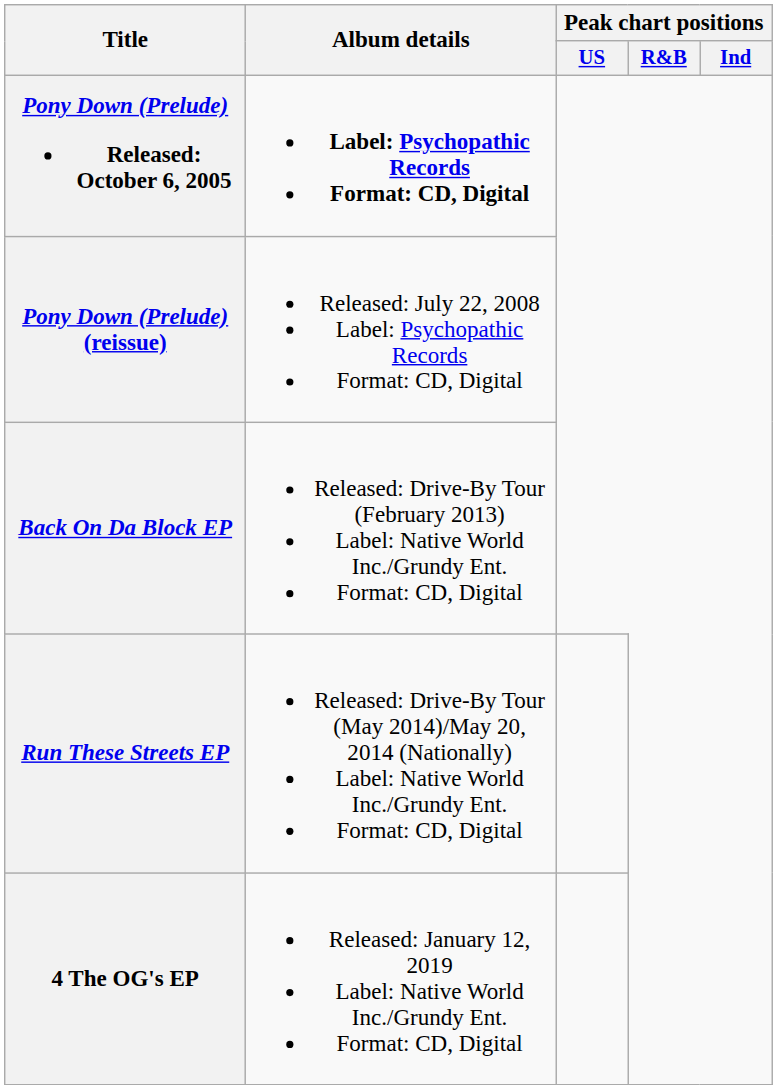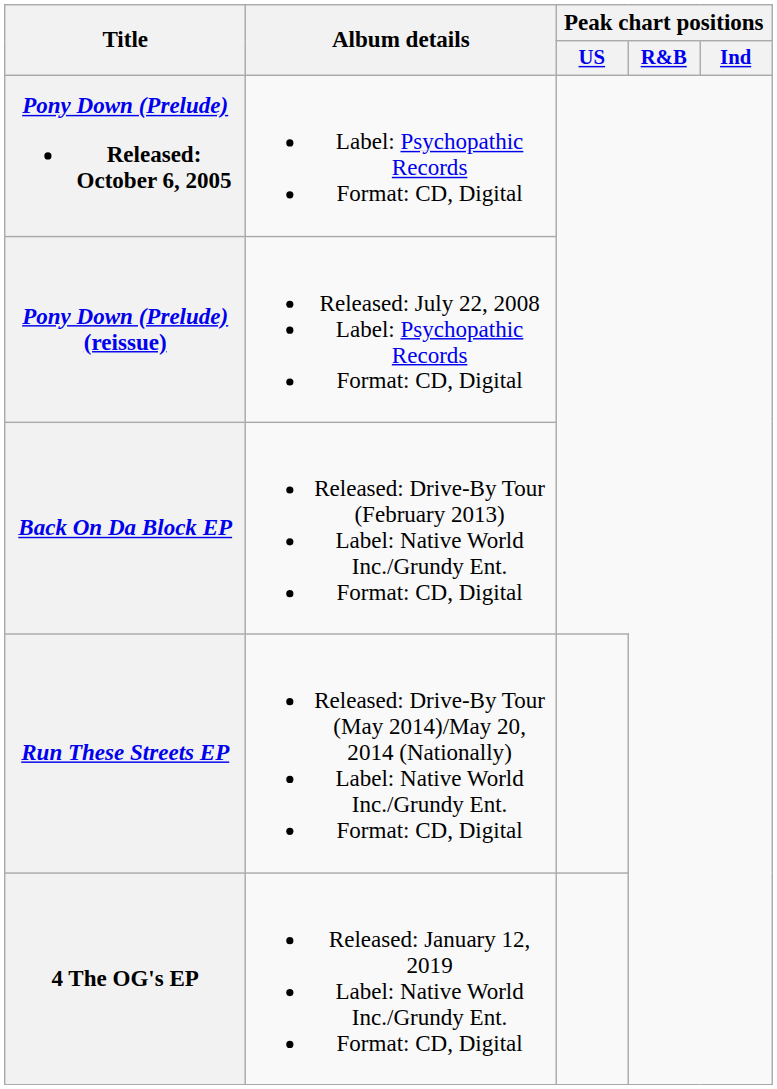 <table class="wikitable plainrowheaders" style="text-align:center;">
 <tr>
 <th scope="col" rowspan="2" style="width:10em;">Title</th>
 <th scope="col" rowspan="2" style="width:13em;">Album details</th>
 <th scope="col" colspan="3">Peak chart positions</th>
 </tr>
 <tr>
 <th style="width:3em;font-size:90%;"><a href='#'>US</a></th>
 <th style="width:3em;font-size:90%;"><a href='#'>R&B</a></th>
 <th style="width:3em;font-size:90%;"><a href='#'>Ind</a></th>
 </tr>
 <tr>
 <th scope="row"><em><a href='#'>Pony Down (Prelude)</a></em><br><ul><li>Released: October 6, 2005</li></ul></th>
-<td><strong><br><ul><li>Label: <a href='#'>Psychopathic Records</a></li><li>Format: CD, Digital</li></ul></strong></td>
+<td><br><ul><li>Label: <a href='#'>Psychopathic Records</a></li><li>Format: CD, Digital</li></ul></td>
 </tr>
 <tr>
 <th scope="row"><a href='#'><em>Pony Down (Prelude)</em> (reissue)</a></th>
 <td><br><ul><li>Released: July 22, 2008</li><li>Label: <a href='#'>Psychopathic Records</a></li><li>Format: CD, Digital</li></ul></td>
 </tr>
 <tr>
 <th scope="row"><em><a href='#'>Back On Da Block EP</a></em></th>
 <td><br><ul><li>Released: Drive-By Tour (February 2013)</li><li>Label: Native World Inc./Grundy Ent.</li><li>Format: CD, Digital</li></ul></td>
 </tr>
 <tr>
 <th scope="row"><em><a href='#'>Run These Streets EP</a></em></th>
 <td><br><ul><li>Released: Drive-By Tour (May 2014)/May 20, 2014 (Nationally)</li><li>Label: Native World Inc./Grundy Ent.</li><li>Format: CD, Digital</li></ul></td>
 <td></td>
 </tr>
 <tr>
 <th scope="row">4 The OG's EP</th>
 <td><br><ul><li>Released: January 12, 2019</li><li>Label: Native World Inc./Grundy Ent.</li><li>Format: CD, Digital</li></ul></td>
 <td></td>
 </tr>
 <tr>
 </tr>
 </table>
